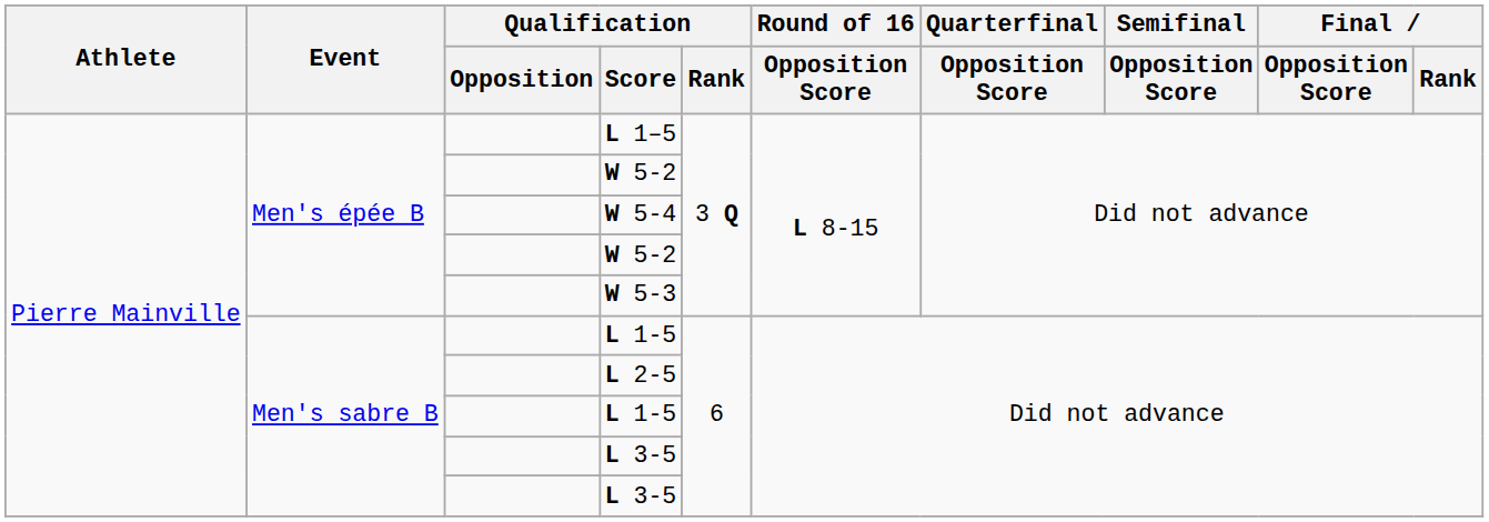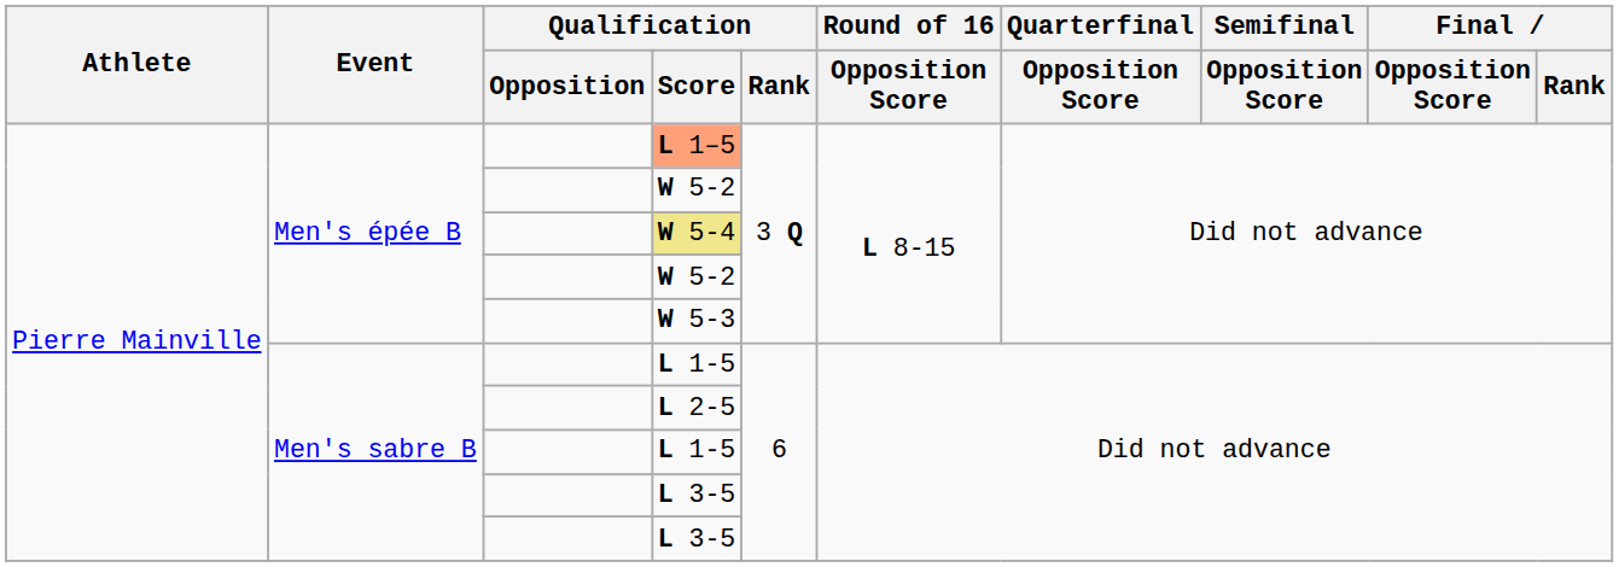 <table class=wikitable style="font-size:90%">
 <tr>
 <th rowspan="2">Athlete</th>
 <th rowspan="2">Event</th>
 <th colspan="3">Qualification</th>
 <th>Round of 16</th>
 <th>Quarterfinal</th>
 <th>Semifinal</th>
 <th colspan="2">Final / </th>
 </tr>
 <tr>
 <th>Opposition</th>
 <th>Score</th>
 <th>Rank</th>
 <th>Opposition<br>Score</th>
 <th>Opposition<br>Score</th>
 <th>Opposition<br>Score</th>
 <th>Opposition<br>Score</th>
 <th>Rank</th>
 </tr>
 <tr>
 <td rowspan=10><a href='#'>Pierre Mainville</a></td>
 <td rowspan=5><a href='#'>Men's épée B</a></td>
 <td></td>
-<td><strong>L</strong> 1–5</td>
+<td style="background: lightsalmon;"><strong>L</strong> 1–5</td>
 <td align="center" rowspan=5>3 <strong>Q</strong></td>
 <td align="center" rowspan=5><br><strong>L</strong> 8-15</td>
 <td align="center" rowspan=5 colspan=4>Did not advance</td>
 </tr>
 <tr>
 <td></td>
 <td><strong>W</strong> 5-2</td>
 </tr>
 <tr>
 <td></td>
-<td><strong>W</strong> 5-4</td>
+<td style="background: khaki;"><strong>W</strong> 5-4</td>
 </tr>
 <tr>
 <td></td>
 <td><strong>W</strong> 5-2</td>
 </tr>
 <tr>
 <td></td>
 <td><strong>W</strong> 5-3</td>
 </tr>
 <tr>
 <td rowspan=5><a href='#'>Men's sabre B</a></td>
 <td></td>
 <td><strong>L</strong> 1-5</td>
 <td align="center" rowspan=5>6</td>
 <td align="center" rowspan=5 colspan=5>Did not advance</td>
 </tr>
 <tr>
 <td></td>
 <td><strong>L</strong> 2-5</td>
 </tr>
 <tr>
 <td></td>
 <td><strong>L</strong> 1-5</td>
 </tr>
 <tr>
 <td></td>
 <td><strong>L</strong> 3-5</td>
 </tr>
 <tr>
 <td></td>
 <td><strong>L</strong> 3-5</td>
 </tr>
 </table>
